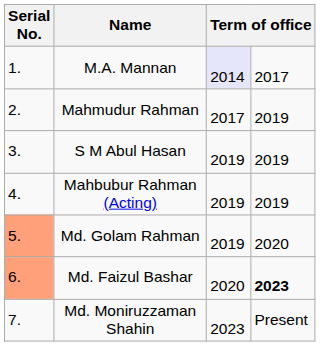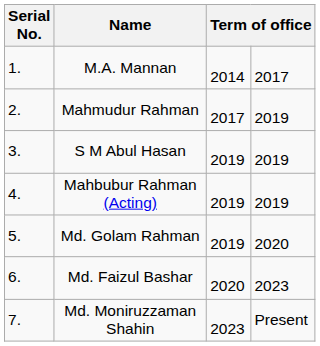 <table class="wikitable sortable">
 <tr>
 <th style="width:5px;">Serial No.</th>
 <th style="width:150px;">Name</th>
 <th colspan=2>Term of office</th>
 </tr>
 <tr>
 <td>1.</td>
 <td style="text-align:center;">M.A. Mannan</td>
-<td class=nowrap style="background: lavender;"><br>2014</td>
+<td class=nowrap><br>2014</td>
 <td class=nowrap><br>2017</td>
 </tr>
 <tr>
 <td>2.</td>
 <td style="text-align:center;">Mahmudur Rahman</td>
 <td class=nowrap><br>2017</td>
 <td class=nowrap><br>2019</td>
 </tr>
 <tr>
 <td>3.</td>
 <td style="text-align:center;">S M Abul Hasan</td>
 <td class=nowrap><br>2019</td>
 <td class=nowrap><br>2019</td>
 </tr>
 <tr>
 <td>4.</td>
 <td style="text-align:center;">Mahbubur Rahman <a href='#'>(Acting)</a></td>
 <td class=nowrap><br>2019</td>
 <td class=nowrap><br>2019</td>
 </tr>
 <tr>
-<td style="background: lightsalmon;">5.</td>
+<td>5.</td>
 <td style="text-align:center;">Md. Golam Rahman</td>
 <td class=nowrap><br>2019</td>
 <td class=nowrap><br>2020</td>
 </tr>
 <tr>
-<td style="background: lightsalmon;">6.</td>
+<td>6.</td>
 <td style="text-align:center;">Md. Faizul Bashar</td>
 <td class=nowrap><br>2020</td>
-<td class=nowrap><strong><br>2023</strong></td>
+<td class=nowrap><br>2023</td>
 </tr>
 <tr>
 <td>7.</td>
 <td style="text-align:center;">Md. Moniruzzaman Shahin</td>
 <td class=nowrap><br>2023</td>
 <td class=nowrap>Present</td>
 </tr>
 </table>
